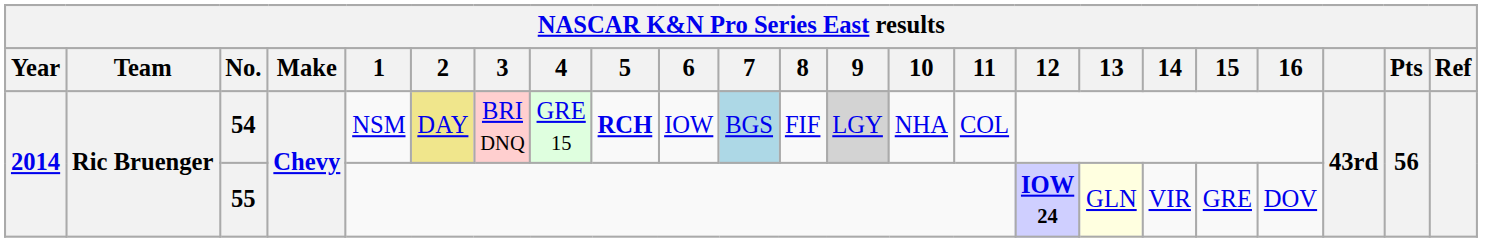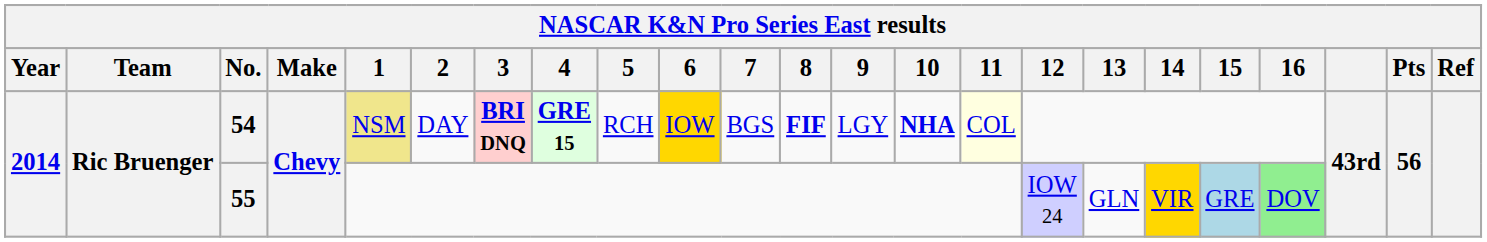 <table class="wikitable" style="text-align:center; font-size:75%">
 <tr>
 <th colspan=45><a href='#'>NASCAR K&N Pro Series East</a> results</th>
 </tr>
 <tr>
 <th>Year</th>
 <th>Team</th>
 <th>No.</th>
 <th>Make</th>
 <th>1</th>
 <th>2</th>
 <th>3</th>
 <th>4</th>
 <th>5</th>
 <th>6</th>
 <th>7</th>
 <th>8</th>
 <th>9</th>
 <th>10</th>
 <th>11</th>
 <th>12</th>
 <th>13</th>
 <th>14</th>
 <th>15</th>
 <th>16</th>
 <th></th>
 <th>Pts</th>
 <th>Ref</th>
 </tr>
 <tr>
 <th rowspan=2><a href='#'>2014</a></th>
 <th rowspan=2>Ric Bruenger</th>
 <th>54</th>
 <th rowspan=2><a href='#'>Chevy</a></th>
-<td><a href='#'>NSM</a></td>
-<td style="background: khaki;"><a href='#'>DAY</a></td>
-<td style="background:#FFCFCF;"><a href='#'>BRI</a><br><small>DNQ</small></td>
-<td style="background:#DFFFDF;"><a href='#'>GRE</a><br><small>15</small></td>
-<td><strong><a href='#'>RCH</a></strong></td>
-<td><a href='#'>IOW</a></td>
-<td style="background: lightblue;"><a href='#'>BGS</a></td>
-<td><a href='#'>FIF</a></td>
-<td style="background: lightgrey;"><a href='#'>LGY</a></td>
-<td><a href='#'>NHA</a></td>
-<td><a href='#'>COL</a></td>
+<td style="background: khaki;"><a href='#'>NSM</a></td>
+<td><a href='#'>DAY</a></td>
+<td style="background:#FFCFCF;"><strong><a href='#'>BRI</a><br><small>DNQ</small></strong></td>
+<td style="background:#DFFFDF;"><strong><a href='#'>GRE</a><br><small>15</small></strong></td>
+<td><a href='#'>RCH</a></td>
+<td style="background: gold;"><a href='#'>IOW</a></td>
+<td><a href='#'>BGS</a></td>
+<td><strong><a href='#'>FIF</a></strong></td>
+<td><a href='#'>LGY</a></td>
+<td><strong><a href='#'>NHA</a></strong></td>
+<td style="background: lightyellow;"><a href='#'>COL</a></td>
 <td colspan=5></td>
 <th rowspan=2>43rd</th>
 <th rowspan=2>56</th>
 <th rowspan=2></th>
 </tr>
 <tr>
 <th>55</th>
 <td colspan=11></td>
-<td style="background:#CFCFFF;"><strong><a href='#'>IOW</a><br><small>24</small></strong></td>
-<td style="background: lightyellow;"><a href='#'>GLN</a></td>
-<td><a href='#'>VIR</a></td>
-<td><a href='#'>GRE</a></td>
-<td><a href='#'>DOV</a></td>
+<td style="background:#CFCFFF;"><a href='#'>IOW</a><br><small>24</small></td>
+<td><a href='#'>GLN</a></td>
+<td style="background: gold;"><a href='#'>VIR</a></td>
+<td style="background: lightblue;"><a href='#'>GRE</a></td>
+<td style="background: lightgreen;"><a href='#'>DOV</a></td>
 </tr>
 </table>
